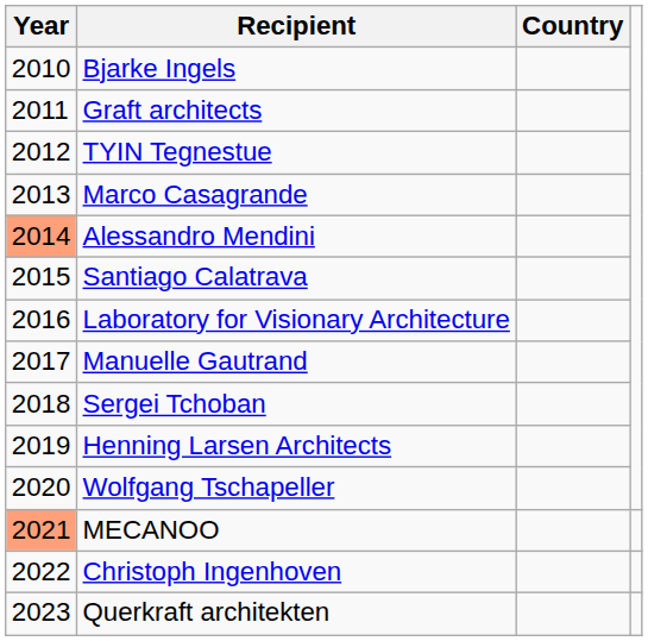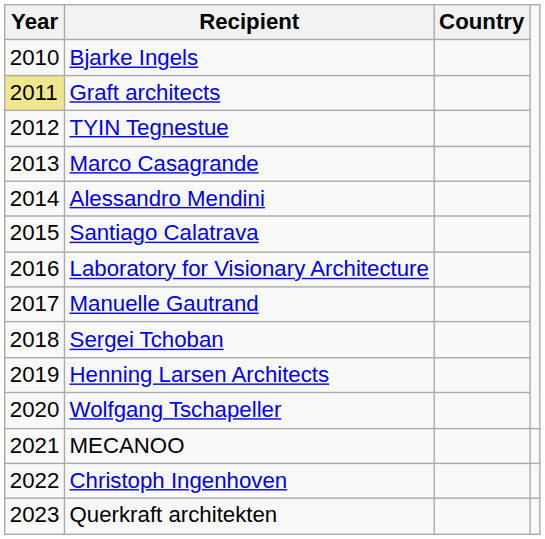 <table class="wikitable">
 <tr>
 <th>Year</th>
 <th>Recipient</th>
 <th>Country</th>
 </tr>
 <tr>
 <td>2010</td>
 <td><a href='#'>Bjarke Ingels</a></td>
 <td></td>
 </tr>
 <tr>
-<td>2011</td>
+<td style="background: khaki;">2011</td>
 <td><a href='#'>Graft architects</a></td>
 <td></td>
 </tr>
 <tr>
 <td>2012</td>
 <td><a href='#'>TYIN Tegnestue</a></td>
 <td></td>
 </tr>
 <tr>
 <td>2013</td>
 <td><a href='#'>Marco Casagrande</a></td>
 <td></td>
 </tr>
 <tr>
-<td style="background: lightsalmon;">2014</td>
+<td>2014</td>
 <td><a href='#'>Alessandro Mendini</a></td>
 <td> </td>
 </tr>
 <tr>
 <td>2015</td>
 <td><a href='#'>Santiago Calatrava</a></td>
 <td></td>
 </tr>
 <tr>
 <td>2016</td>
 <td><a href='#'>Laboratory for Visionary Architecture</a></td>
 <td></td>
 </tr>
 <tr>
 <td>2017</td>
 <td><a href='#'>Manuelle Gautrand</a></td>
 <td></td>
 </tr>
 <tr>
 <td>2018</td>
 <td><a href='#'>Sergei Tchoban</a></td>
 <td> </td>
 </tr>
 <tr>
 <td>2019</td>
 <td><a href='#'>Henning Larsen Architects</a></td>
 <td></td>
 </tr>
 <tr>
 <td>2020</td>
 <td><a href='#'>Wolfgang Tschapeller</a></td>
 <td></td>
 </tr>
 <tr>
-<td style="background: lightsalmon;">2021</td>
+<td>2021</td>
 <td>MECANOO</td>
 <td></td>
 <td></td>
 </tr>
 <tr>
 <td>2022</td>
 <td><a href='#'>Christoph Ingenhoven</a></td>
 <td></td>
 <td></td>
 </tr>
 <tr>
 <td>2023</td>
 <td>Querkraft architekten</td>
 <td></td>
 <td></td>
 </tr>
 </table>
